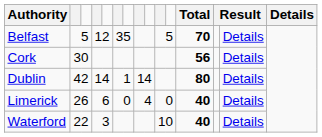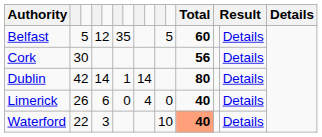 <table class="wikitable" style="text-align:right; padding-left:1em">
 <tr>
 <th align="left">Authority</th>
 <th style="background-color: "></th>
 <td><a href='#'></a></td>
 <th style="background-color: "></th>
 <td><a href='#'></a></td>
 <th style="background-color: "></th>
 <td><a href='#'></a></td>
 <th style="background-color: "></th>
 <td><a href='#'></a></td>
 <th style="background-color: "></th>
 <td><a href='#'></a></td>
 <th align="left">Total</th>
 <th colspan=2>Result</th>
 <th>Details</th>
 </tr>
 <tr>
 <td align=left><a href='#'>Belfast</a></td>
 <td colspan=2>5</td>
 <td colspan=2>12</td>
 <td colspan=2>35</td>
 <td colspan=2></td>
 <td colspan=2>5</td>
-<td><strong>70</strong></td>
+<td><strong>60</strong></td>
 <td></td>
 <td><a href='#'>Details</a></td>
 </tr>
 <tr>
 <td align=left><a href='#'>Cork</a></td>
 <td colspan=2>30</td>
 <td colspan=2></td>
 <td colspan=2></td>
 <td colspan=2></td>
 <td colspan=2></td>
 <td><strong>56</strong></td>
 <td></td>
 <td><a href='#'>Details</a></td>
 </tr>
 <tr>
 <td align=left><a href='#'>Dublin</a></td>
 <td colspan=2>42</td>
 <td colspan=2>14</td>
 <td colspan=2>1</td>
 <td colspan=2>14</td>
 <td colspan=2></td>
 <td><strong>80</strong></td>
 <td></td>
 <td><a href='#'>Details</a></td>
 </tr>
 <tr>
 <td align=left><a href='#'>Limerick</a></td>
 <td colspan=2>26</td>
 <td colspan=2>6</td>
 <td colspan=2>0</td>
 <td colspan=2>4</td>
 <td colspan=2>0</td>
 <td><strong>40</strong></td>
 <td></td>
 <td><a href='#'>Details</a></td>
 </tr>
 <tr>
 <td align=left><a href='#'>Waterford</a></td>
 <td colspan=2>22</td>
 <td colspan=2>3</td>
 <td colspan=2></td>
 <td colspan=2></td>
 <td colspan=2>10</td>
-<td><strong>40</strong></td>
+<td style="background: lightsalmon;"><strong>40</strong></td>
 <td></td>
 <td><a href='#'>Details</a></td>
 </tr>
 </table>
